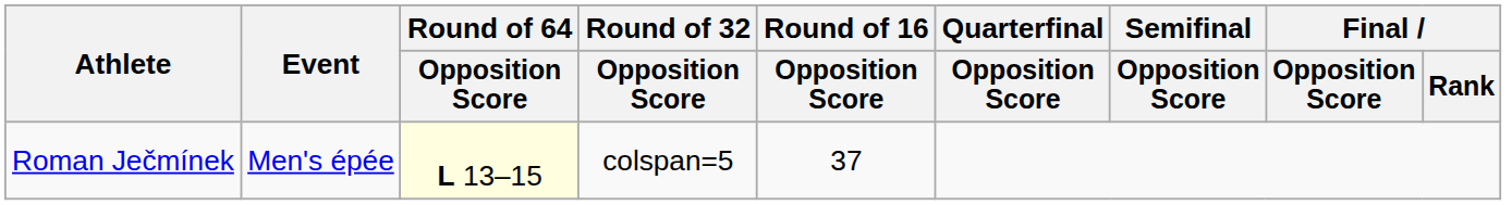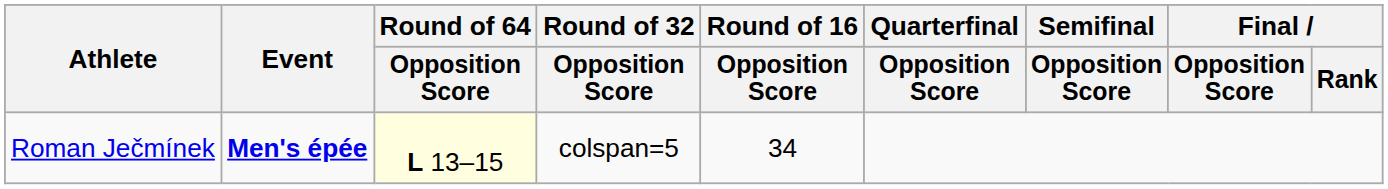 <table class="wikitable" style="font-size:90%">
 <tr>
 <th rowspan="2">Athlete</th>
 <th rowspan="2">Event</th>
 <th>Round of 64</th>
 <th>Round of 32</th>
 <th>Round of 16</th>
 <th>Quarterfinal</th>
 <th>Semifinal</th>
 <th colspan=2>Final / </th>
 </tr>
 <tr style="font-size:95%">
 <th>Opposition <br> Score</th>
 <th>Opposition <br> Score</th>
 <th>Opposition <br> Score</th>
 <th>Opposition <br> Score</th>
 <th>Opposition <br> Score</th>
 <th>Opposition <br> Score</th>
 <th>Rank</th>
 </tr>
 <tr align=center>
 <td align=left><a href='#'>Roman Ječmínek</a></td>
-<td align=left><a href='#'>Men's épée</a></td>
+<td align=left><strong><a href='#'>Men's épée</a></strong></td>
 <td style="background: lightyellow;"><br><strong>L</strong> 13–15</td>
 <td>colspan=5 </td>
-<td>37</td>
+<td>34</td>
 </tr>
 </table>
